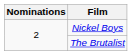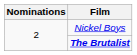 <table class="wikitable" style="text-align: center;">
 <tr>
 <th scope="col" width="56">Nominations</th>
 <th scope="col" align="center">Film</th>
 </tr>
 <tr>
 <td rowspan="2" style="text-align:center;">2</td>
 <td><em><a href='#'>Nickel Boys</a></em></td>
 </tr>
 <tr>
-<td><em><a href='#'>The Brutalist</a></em></td>
+<td><strong><em><a href='#'>The Brutalist</a></em></strong></td>
 </tr>
 </table>
